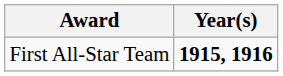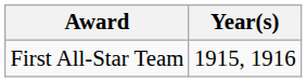 <table class="wikitable">
 <tr>
 <th>Award</th>
 <th>Year(s)</th>
 </tr>
 <tr>
 <td>First All-Star Team</td>
-<td><strong>1915, 1916</strong></td>
+<td>1915, 1916</td>
 </tr>
 </table>
